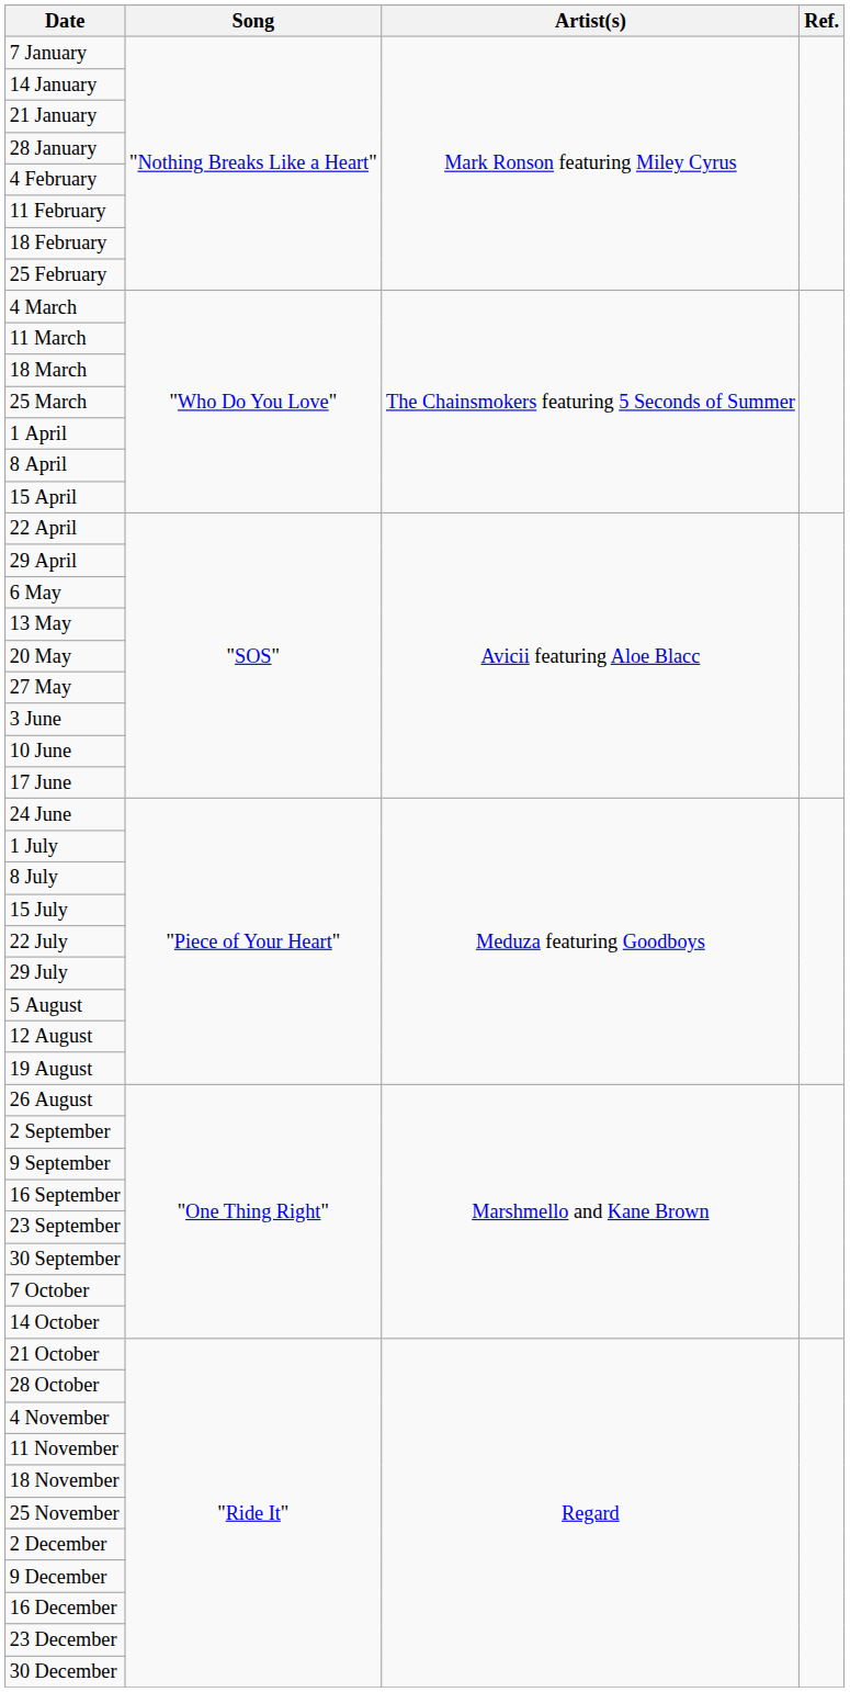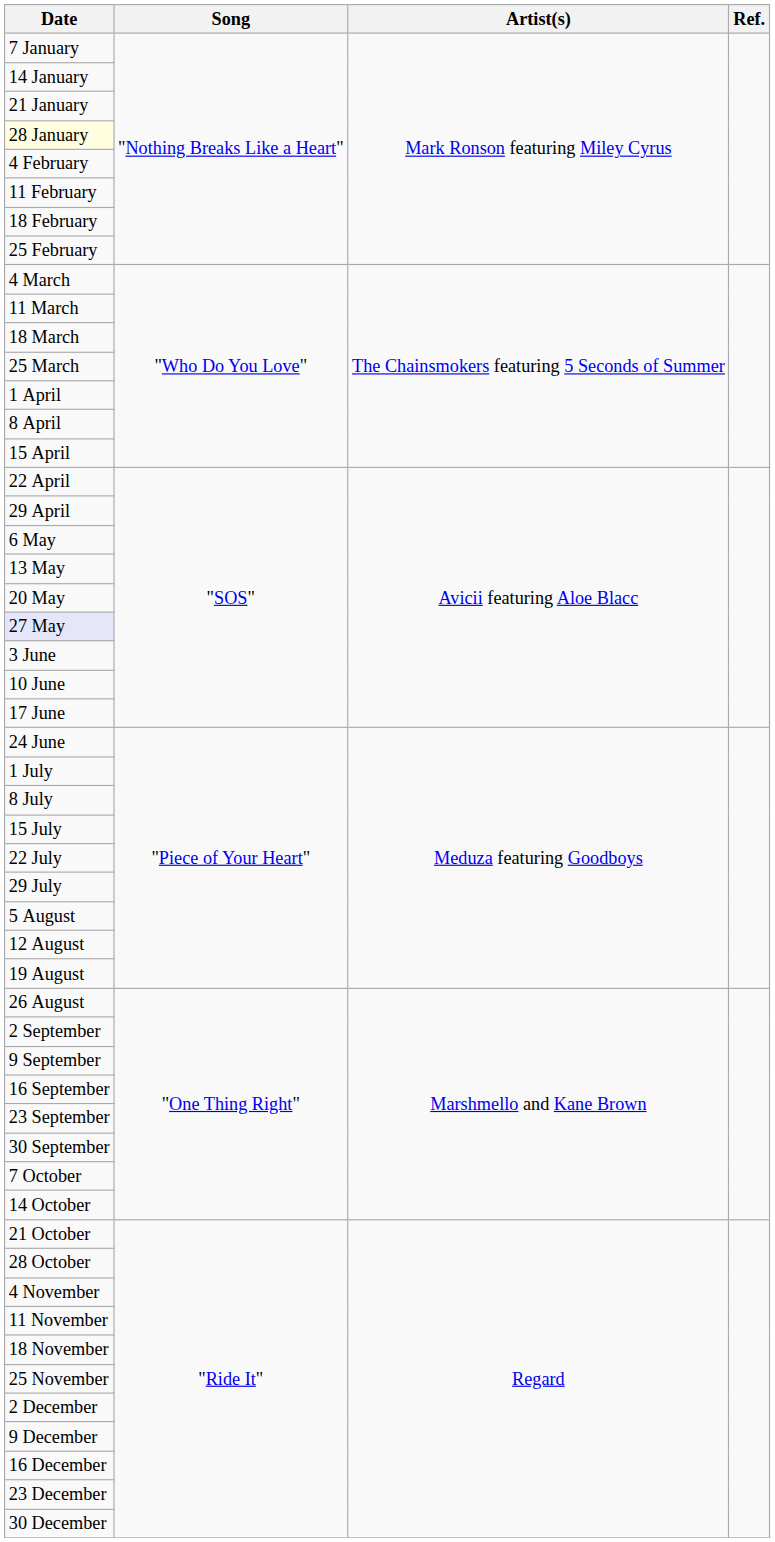 <table class="wikitable">
 <tr>
 <th style="text-align: center;">Date</th>
 <th style="text-align: center;">Song</th>
 <th style="text-align: center;">Artist(s)</th>
 <th style="text-align: center;">Ref.</th>
 </tr>
 <tr>
 <td>7 January</td>
 <td style="text-align: center;" rowspan="8">"<a href='#'>Nothing Breaks Like a Heart</a>"</td>
 <td style="text-align: center;" rowspan="8"><a href='#'>Mark Ronson</a> featuring <a href='#'>Miley Cyrus</a></td>
 <td style="text-align: center;" rowspan="8"></td>
 </tr>
 <tr>
 <td>14 January</td>
 </tr>
 <tr>
 <td>21 January</td>
 </tr>
 <tr>
-<td>28 January</td>
+<td style="background: lightyellow;">28 January</td>
 </tr>
 <tr>
 <td>4 February</td>
 </tr>
 <tr>
 <td>11 February</td>
 </tr>
 <tr>
 <td>18 February</td>
 </tr>
 <tr>
 <td>25 February</td>
 </tr>
 <tr>
 <td>4 March</td>
 <td style="text-align: center;" rowspan="7">"<a href='#'>Who Do You Love</a>"</td>
 <td style="text-align: center;" rowspan="7"><a href='#'>The Chainsmokers</a> featuring <a href='#'>5 Seconds of Summer</a></td>
 <td style="text-align: center;" rowspan="7"></td>
 </tr>
 <tr>
 <td>11 March</td>
 </tr>
 <tr>
 <td>18 March</td>
 </tr>
 <tr>
 <td>25 March</td>
 </tr>
 <tr>
 <td>1 April</td>
 </tr>
 <tr>
 <td>8 April</td>
 </tr>
 <tr>
 <td>15 April</td>
 </tr>
 <tr>
 <td>22 April</td>
 <td style="text-align: center;" rowspan="9">"<a href='#'>SOS</a>"</td>
 <td style="text-align: center;" rowspan="9"><a href='#'>Avicii</a> featuring <a href='#'>Aloe Blacc</a></td>
 <td style="text-align: center;" rowspan="9"></td>
 </tr>
 <tr>
 <td>29 April</td>
 </tr>
 <tr>
 <td>6 May</td>
 </tr>
 <tr>
 <td>13 May</td>
 </tr>
 <tr>
 <td>20 May</td>
 </tr>
 <tr>
-<td>27 May</td>
+<td style="background: lavender;">27 May</td>
 </tr>
 <tr>
 <td>3 June</td>
 </tr>
 <tr>
 <td>10 June</td>
 </tr>
 <tr>
 <td>17 June</td>
 </tr>
 <tr>
 <td>24 June</td>
 <td style="text-align: center;" rowspan="9">"<a href='#'>Piece of Your Heart</a>"</td>
 <td style="text-align: center;" rowspan="9"><a href='#'>Meduza</a> featuring <a href='#'>Goodboys</a></td>
 <td style="text-align: center;" rowspan="9"></td>
 </tr>
 <tr>
 <td>1 July</td>
 </tr>
 <tr>
 <td>8 July</td>
 </tr>
 <tr>
 <td>15 July</td>
 </tr>
 <tr>
 <td>22 July</td>
 </tr>
 <tr>
 <td>29 July</td>
 </tr>
 <tr>
 <td>5 August</td>
 </tr>
 <tr>
 <td>12 August</td>
 </tr>
 <tr>
 <td>19 August</td>
 </tr>
 <tr>
 <td>26 August</td>
 <td style="text-align: center;" rowspan="8">"<a href='#'>One Thing Right</a>"</td>
 <td style="text-align: center;" rowspan="8"><a href='#'>Marshmello</a> and <a href='#'>Kane Brown</a></td>
 <td style="text-align: center;" rowspan="8"></td>
 </tr>
 <tr>
 <td>2 September</td>
 </tr>
 <tr>
 <td>9 September</td>
 </tr>
 <tr>
 <td>16 September</td>
 </tr>
 <tr>
 <td>23 September</td>
 </tr>
 <tr>
 <td>30 September</td>
 </tr>
 <tr>
 <td>7 October</td>
 </tr>
 <tr>
 <td>14 October</td>
 </tr>
 <tr>
 <td>21 October</td>
 <td style="text-align: center;" rowspan="11">"<a href='#'>Ride It</a>"</td>
 <td style="text-align: center;" rowspan="11"><a href='#'>Regard</a></td>
 <td style="text-align: center;" rowspan="11"></td>
 </tr>
 <tr>
 <td>28 October</td>
 </tr>
 <tr>
 <td>4 November</td>
 </tr>
 <tr>
 <td>11 November</td>
 </tr>
 <tr>
 <td>18 November</td>
 </tr>
 <tr>
 <td>25 November</td>
 </tr>
 <tr>
 <td>2 December</td>
 </tr>
 <tr>
 <td>9 December</td>
 </tr>
 <tr>
 <td>16 December</td>
 </tr>
 <tr>
 <td>23 December</td>
 </tr>
 <tr>
 <td>30 December</td>
 </tr>
 </table>
